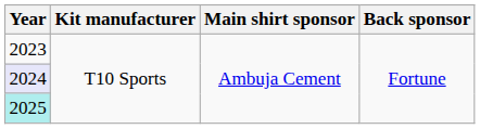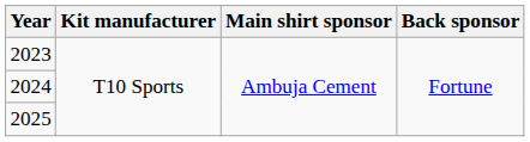 <table class="wikitable" style="text-align: center;">
 <tr>
 <th>Year</th>
 <th>Kit manufacturer</th>
 <th>Main shirt sponsor</th>
 <th>Back sponsor</th>
 </tr>
 <tr>
 <td>2023</td>
 <td rowspan=3>T10 Sports</td>
 <td rowspan=3><a href='#'>Ambuja Cement</a></td>
 <td rowspan=3><a href='#'>Fortune</a></td>
 </tr>
 <tr>
-<td style="background: lavender;">2024</td>
+<td>2024</td>
 </tr>
 <tr>
-<td style="background: paleturquoise;">2025</td>
+<td>2025</td>
 </tr>
 </table>
